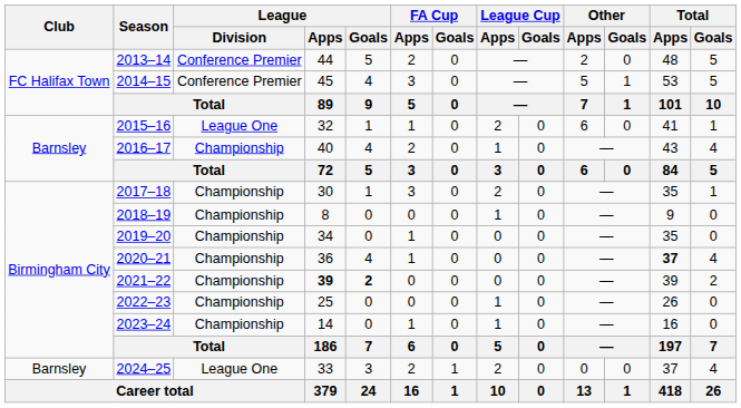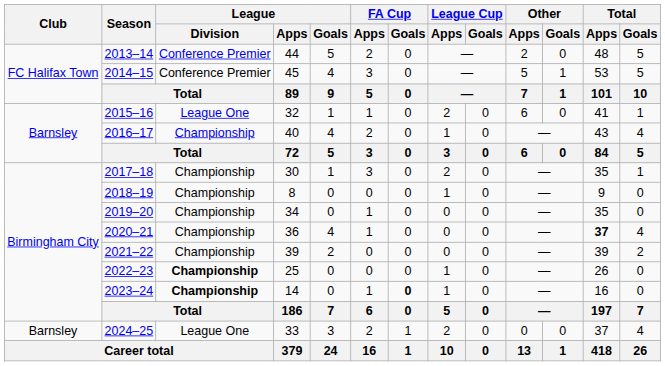 <table class="wikitable" style=text-align:center>
 <tr>
 <th rowspan=2>Club</th>
 <th rowspan=2>Season</th>
 <th colspan=3>League</th>
 <th colspan=2><a href='#'>FA Cup</a></th>
 <th colspan=2><a href='#'>League Cup</a></th>
 <th colspan=2>Other</th>
 <th colspan=2>Total</th>
 </tr>
 <tr>
 <th>Division</th>
 <th>Apps</th>
 <th>Goals</th>
 <th>Apps</th>
 <th>Goals</th>
 <th>Apps</th>
 <th>Goals</th>
 <th>Apps</th>
 <th>Goals</th>
 <th>Apps</th>
 <th>Goals</th>
 </tr>
 <tr>
 <td rowspan=3><a href='#'>FC Halifax Town</a></td>
 <td><a href='#'>2013–14</a></td>
 <td><a href='#'>Conference Premier</a></td>
 <td>44</td>
 <td>5</td>
 <td>2</td>
 <td>0</td>
 <td colspan=2>—</td>
 <td>2</td>
 <td>0</td>
 <td>48</td>
 <td>5</td>
 </tr>
 <tr>
 <td><a href='#'>2014–15</a></td>
 <td>Conference Premier</td>
 <td>45</td>
 <td>4</td>
 <td>3</td>
 <td>0</td>
 <td colspan=2>—</td>
 <td>5</td>
 <td>1</td>
 <td>53</td>
 <td>5</td>
 </tr>
 <tr>
 <th colspan=2>Total</th>
 <th>89</th>
 <th>9</th>
 <th>5</th>
 <th>0</th>
 <th colspan=2>—</th>
 <th>7</th>
 <th>1</th>
 <th>101</th>
 <th>10</th>
 </tr>
 <tr>
 <td rowspan=3><a href='#'>Barnsley</a></td>
 <td><a href='#'>2015–16</a></td>
 <td><a href='#'>League One</a></td>
 <td>32</td>
 <td>1</td>
 <td>1</td>
 <td>0</td>
 <td>2</td>
 <td>0</td>
 <td>6</td>
 <td>0</td>
 <td>41</td>
 <td>1</td>
 </tr>
 <tr>
 <td><a href='#'>2016–17</a></td>
 <td><a href='#'>Championship</a></td>
 <td>40</td>
 <td>4</td>
 <td>2</td>
 <td>0</td>
 <td>1</td>
 <td>0</td>
 <td colspan=2>—</td>
 <td>43</td>
 <td>4</td>
 </tr>
 <tr>
 <th colspan=2>Total</th>
 <th>72</th>
 <th>5</th>
 <th>3</th>
 <th>0</th>
 <th>3</th>
 <th>0</th>
 <th>6</th>
 <th>0</th>
 <th>84</th>
 <th>5</th>
 </tr>
 <tr>
 <td rowspan=8><a href='#'>Birmingham City</a></td>
 <td><a href='#'>2017–18</a></td>
 <td>Championship</td>
 <td>30</td>
 <td>1</td>
 <td>3</td>
 <td>0</td>
 <td>2</td>
 <td>0</td>
 <td colspan=2>—</td>
 <td>35</td>
 <td>1</td>
 </tr>
 <tr>
 <td><a href='#'>2018–19</a></td>
 <td>Championship</td>
 <td>8</td>
 <td>0</td>
 <td>0</td>
 <td>0</td>
 <td>1</td>
 <td>0</td>
 <td colspan=2>—</td>
 <td>9</td>
 <td>0</td>
 </tr>
 <tr>
 <td><a href='#'>2019–20</a></td>
 <td>Championship</td>
 <td>34</td>
 <td>0</td>
 <td>1</td>
 <td>0</td>
 <td>0</td>
 <td>0</td>
 <td colspan=2>—</td>
 <td>35</td>
 <td>0</td>
 </tr>
 <tr>
 <td><a href='#'>2020–21</a></td>
 <td>Championship</td>
 <td>36</td>
 <td>4</td>
 <td>1</td>
 <td>0</td>
 <td>0</td>
 <td>0</td>
 <td colspan=2>—</td>
 <td><strong>37</strong></td>
 <td>4</td>
 </tr>
 <tr>
 <td><a href='#'>2021–22</a></td>
 <td>Championship</td>
-<td><strong>39</strong></td>
-<td><strong>2</strong></td>
+<td>39</td>
+<td>2</td>
 <td>0</td>
 <td>0</td>
 <td>0</td>
 <td>0</td>
 <td colspan="2">—</td>
 <td>39</td>
 <td>2</td>
 </tr>
 <tr>
 <td><a href='#'>2022–23</a></td>
-<td>Championship</td>
+<td><strong>Championship</strong></td>
 <td>25</td>
 <td>0</td>
 <td>0</td>
 <td>0</td>
 <td>1</td>
 <td>0</td>
 <td colspan=2>—</td>
 <td>26</td>
 <td>0</td>
 </tr>
 <tr>
 <td><a href='#'>2023–24</a></td>
-<td>Championship</td>
+<td><strong>Championship</strong></td>
 <td>14</td>
 <td>0</td>
 <td>1</td>
-<td>0</td>
+<td><strong>0</strong></td>
 <td>1</td>
 <td>0</td>
 <td colspan=2>—</td>
 <td>16</td>
 <td>0</td>
 </tr>
 <tr>
 <th colspan=2>Total</th>
 <th>186</th>
 <th>7</th>
 <th>6</th>
 <th>0</th>
 <th>5</th>
 <th>0</th>
 <th colspan=2>—</th>
 <th>197</th>
 <th>7</th>
 </tr>
 <tr>
 <td>Barnsley</td>
 <td><a href='#'>2024–25</a></td>
 <td>League One</td>
 <td>33</td>
 <td>3</td>
 <td>2</td>
 <td>1</td>
 <td>2</td>
 <td>0</td>
 <td>0</td>
 <td>0</td>
 <td>37</td>
 <td>4</td>
 </tr>
 <tr>
 <th colspan=3>Career total</th>
 <th>379</th>
 <th>24</th>
 <th>16</th>
 <th>1</th>
 <th>10</th>
 <th>0</th>
 <th>13</th>
 <th>1</th>
 <th>418</th>
 <th>26</th>
 </tr>
 </table>
